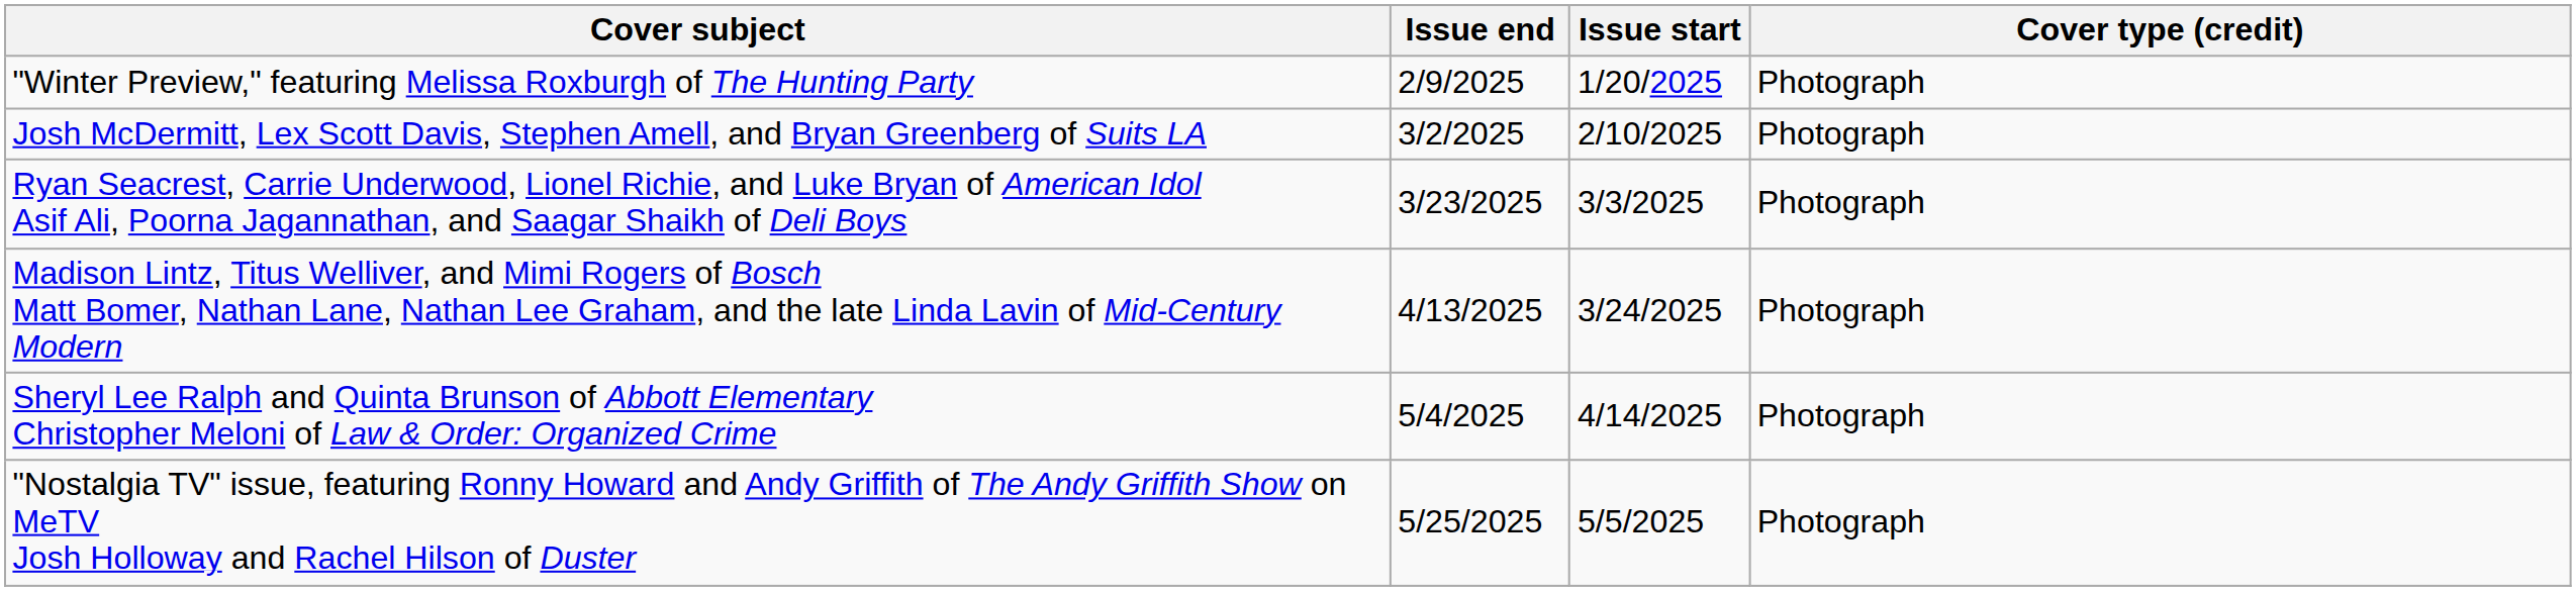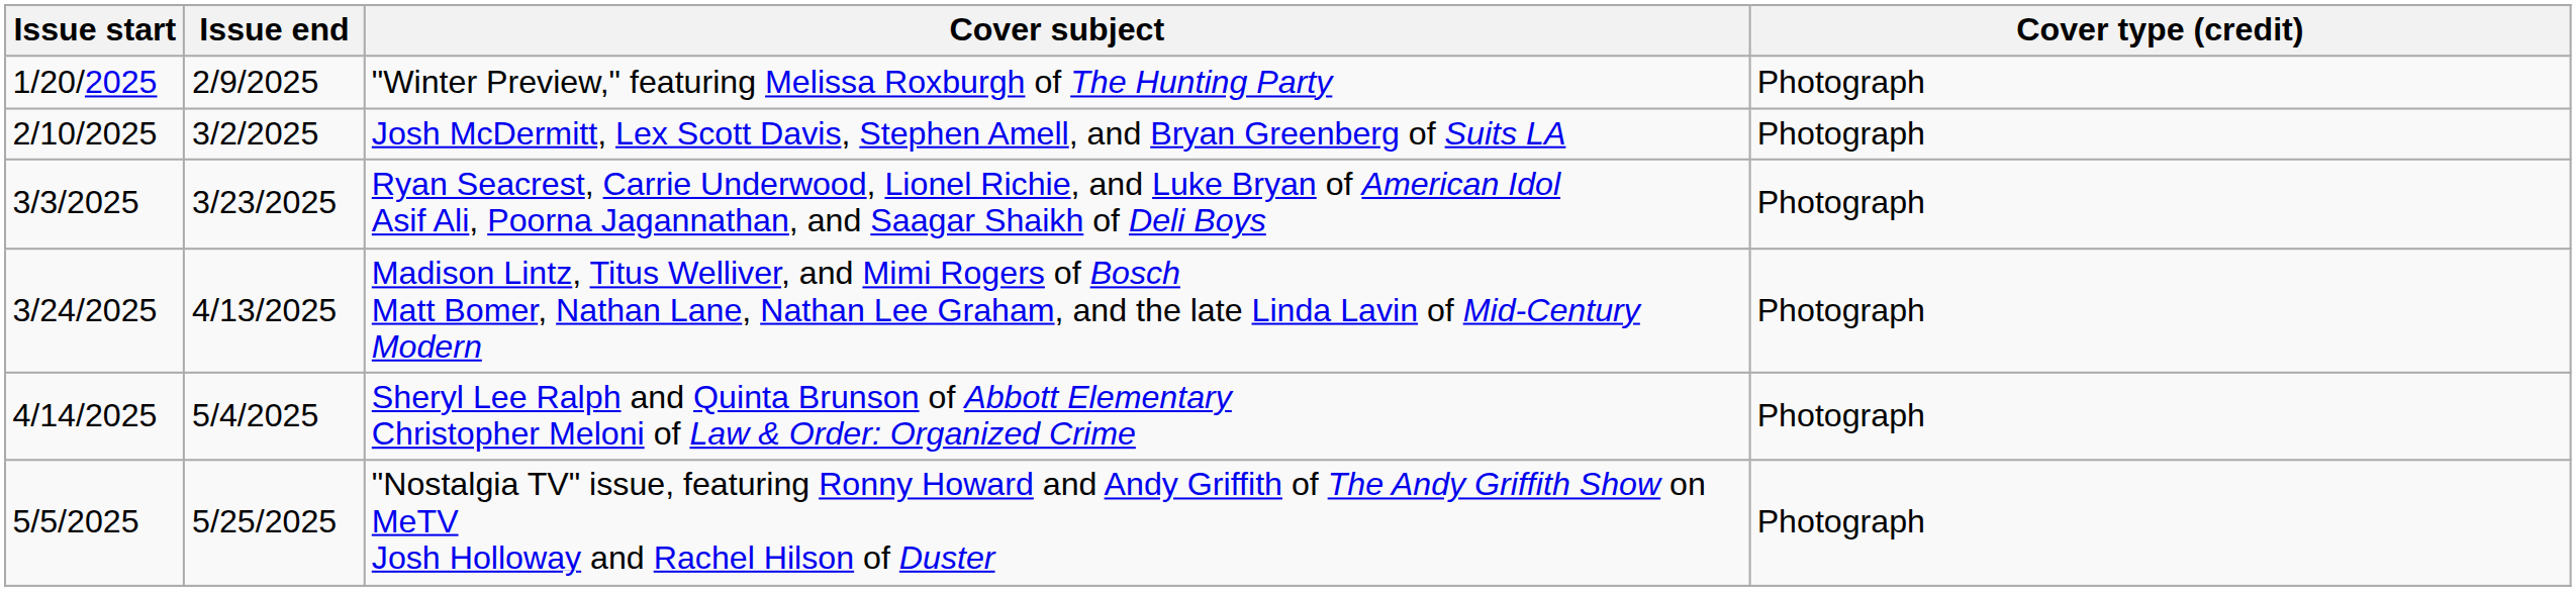 <table class="wikitable sortable" width=100% style="font-size:100%;">
 <tr>
+<th width=7%>Issue start</th>
+<th width=7%>Issue end</th>
 <th width=54%>Cover subject</th>
-<th width=7%>Issue end</th>
-<th width=7%>Issue start</th>
 <th width=32%>Cover type (credit)</th>
 </tr>
 <tr>
+<td>1/20/<a href='#'>2025</a></td>
+<td>2/9/2025</td>
 <td>"Winter Preview," featuring <a href='#'>Melissa Roxburgh</a> of <em><a href='#'>The Hunting Party</a></em></td>
-<td>2/9/2025</td>
-<td>1/20/<a href='#'>2025</a></td>
 <td>Photograph</td>
 </tr>
 <tr>
+<td>2/10/2025</td>
+<td>3/2/2025</td>
 <td><a href='#'>Josh McDermitt</a>, <a href='#'>Lex Scott Davis</a>, <a href='#'>Stephen Amell</a>, and <a href='#'>Bryan Greenberg</a> of <em><a href='#'>Suits LA</a></em></td>
-<td>3/2/2025</td>
-<td>2/10/2025</td>
 <td>Photograph</td>
 </tr>
 <tr>
+<td>3/3/2025</td>
+<td>3/23/2025</td>
 <td><a href='#'>Ryan Seacrest</a>, <a href='#'>Carrie Underwood</a>, <a href='#'>Lionel Richie</a>, and <a href='#'>Luke Bryan</a> of <em><a href='#'>American Idol</a></em><br><a href='#'>Asif Ali</a>, <a href='#'>Poorna Jagannathan</a>, and <a href='#'>Saagar Shaikh</a> of <em><a href='#'>Deli Boys</a></em> </td>
-<td>3/23/2025</td>
-<td>3/3/2025</td>
 <td>Photograph</td>
 </tr>
 <tr>
+<td>3/24/2025</td>
+<td>4/13/2025</td>
 <td><a href='#'>Madison Lintz</a>, <a href='#'>Titus Welliver</a>, and <a href='#'>Mimi Rogers</a> of <em><a href='#'>Bosch</a></em><br><a href='#'>Matt Bomer</a>, <a href='#'>Nathan Lane</a>, <a href='#'>Nathan Lee Graham</a>, and the late <a href='#'>Linda Lavin</a> of <em><a href='#'>Mid-Century Modern</a></em> </td>
-<td>4/13/2025</td>
-<td>3/24/2025</td>
 <td>Photograph</td>
 </tr>
 <tr>
+<td>4/14/2025</td>
+<td>5/4/2025</td>
 <td><a href='#'>Sheryl Lee Ralph</a> and <a href='#'>Quinta Brunson</a> of <em><a href='#'>Abbott Elementary</a></em><br><a href='#'>Christopher Meloni</a> of <em><a href='#'>Law & Order: Organized Crime</a></em> </td>
-<td>5/4/2025</td>
-<td>4/14/2025</td>
 <td>Photograph</td>
 </tr>
 <tr>
+<td>5/5/2025</td>
+<td>5/25/2025</td>
 <td>"Nostalgia TV" issue, featuring <a href='#'>Ronny Howard</a> and <a href='#'>Andy Griffith</a> of <em><a href='#'>The Andy Griffith Show</a></em> on <a href='#'>MeTV</a><br><a href='#'>Josh Holloway</a> and <a href='#'>Rachel Hilson</a> of <em><a href='#'>Duster</a></em> </td>
-<td>5/25/2025</td>
-<td>5/5/2025</td>
 <td>Photograph</td>
 </tr>
 </table>
